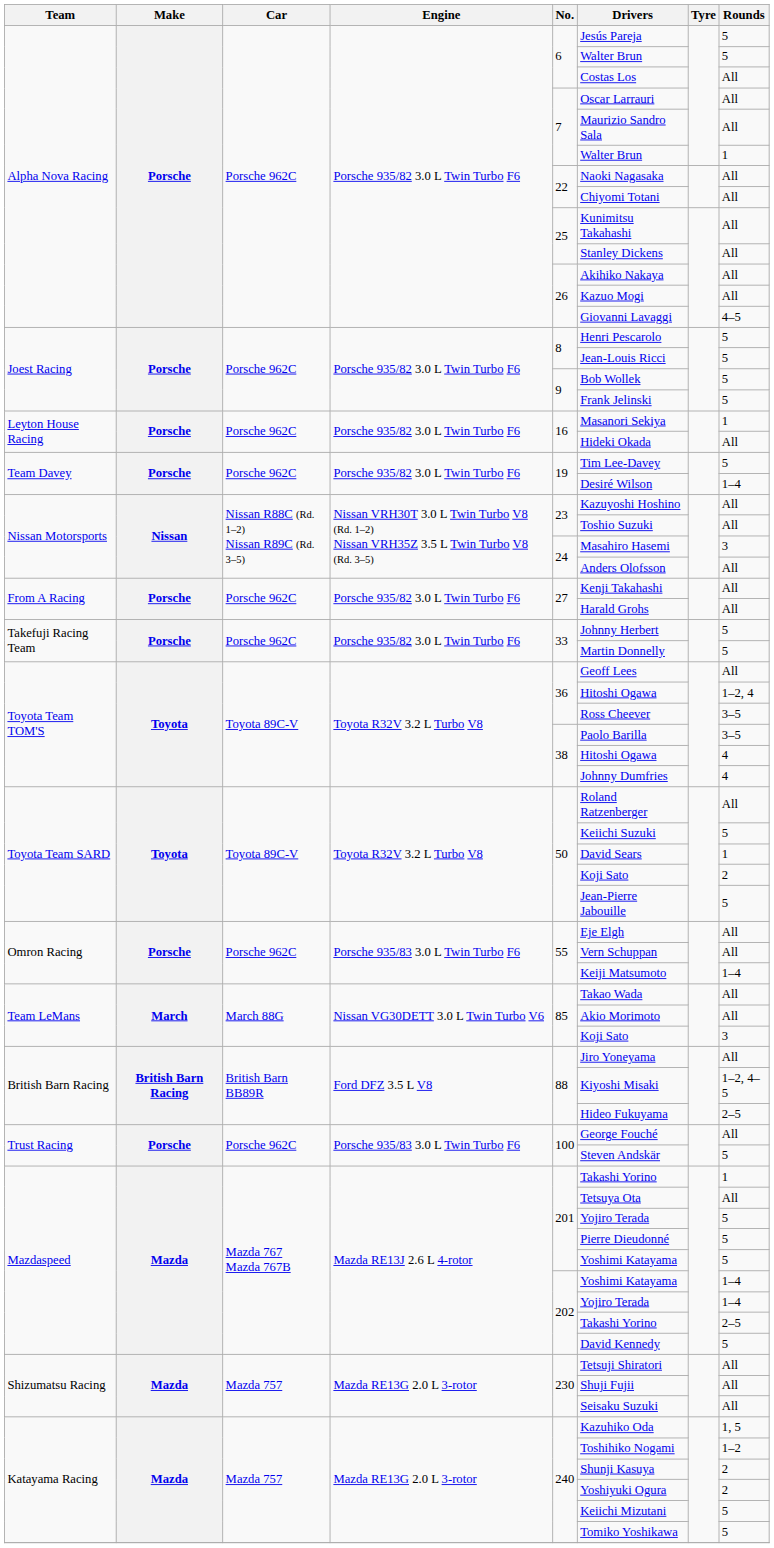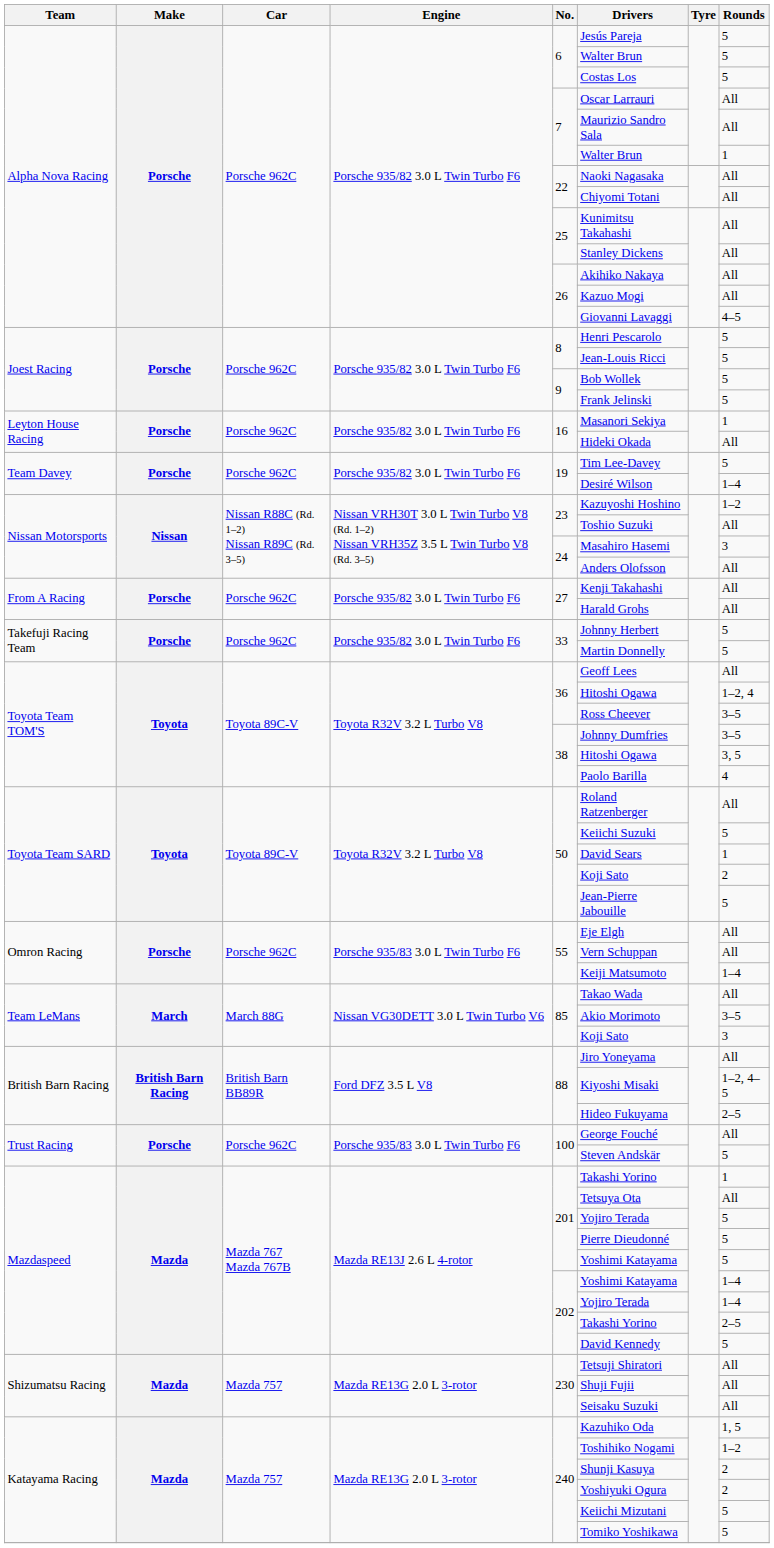 <table class="wikitable" style="font-size: 90%;">
 <tr>
 <th>Team</th>
 <th>Make</th>
 <th>Car</th>
 <th>Engine</th>
 <th>No.</th>
 <th>Drivers</th>
 <th>Tyre</th>
 <th>Rounds</th>
 </tr>
 <tr>
 <td rowspan=13><a href='#'>Alpha Nova Racing</a></td>
 <th rowspan=13><a href='#'>Porsche</a></th>
 <td rowspan=13><a href='#'>Porsche 962C</a></td>
 <td rowspan=13><a href='#'>Porsche 935/82</a> 3.0 L <a href='#'>Twin Turbo</a> <a href='#'>F6</a></td>
 <td rowspan=3>6</td>
 <td> <a href='#'>Jesús Pareja</a></td>
 <td align=center rowspan=6></td>
 <td>5</td>
 </tr>
 <tr>
 <td> <a href='#'>Walter Brun</a></td>
 <td>5</td>
 </tr>
 <tr>
 <td> <a href='#'>Costas Los</a></td>
-<td>All</td>
+<td>5</td>
 </tr>
 <tr>
 <td rowspan=3>7</td>
 <td> <a href='#'>Oscar Larrauri</a></td>
 <td>All</td>
 </tr>
 <tr>
 <td> <a href='#'>Maurizio Sandro Sala</a></td>
 <td>All</td>
 </tr>
 <tr>
 <td> <a href='#'>Walter Brun</a></td>
 <td>1</td>
 </tr>
 <tr>
 <td rowspan=2>22</td>
 <td> <a href='#'>Naoki Nagasaka</a></td>
 <td align=center rowspan=2></td>
 <td>All</td>
 </tr>
 <tr>
 <td> <a href='#'>Chiyomi Totani</a></td>
 <td>All</td>
 </tr>
 <tr>
 <td rowspan=2>25</td>
 <td> <a href='#'>Kunimitsu Takahashi</a></td>
 <td align=center rowspan=5></td>
 <td>All</td>
 </tr>
 <tr>
 <td> <a href='#'>Stanley Dickens</a></td>
 <td>All</td>
 </tr>
 <tr>
 <td rowspan=3>26</td>
 <td> <a href='#'>Akihiko Nakaya</a></td>
 <td>All</td>
 </tr>
 <tr>
 <td> <a href='#'>Kazuo Mogi</a></td>
 <td>All</td>
 </tr>
 <tr>
 <td> <a href='#'>Giovanni Lavaggi</a></td>
 <td>4–5</td>
 </tr>
 <tr>
 <td rowspan=4><a href='#'>Joest Racing</a></td>
 <th rowspan=4><a href='#'>Porsche</a></th>
 <td rowspan=4><a href='#'>Porsche 962C</a></td>
 <td rowspan=4><a href='#'>Porsche 935/82</a> 3.0 L <a href='#'>Twin Turbo</a> <a href='#'>F6</a></td>
 <td rowspan=2>8</td>
 <td> <a href='#'>Henri Pescarolo</a></td>
 <td align=center rowspan=4></td>
 <td>5</td>
 </tr>
 <tr>
 <td> <a href='#'>Jean-Louis Ricci</a></td>
 <td>5</td>
 </tr>
 <tr>
 <td rowspan=2>9</td>
 <td> <a href='#'>Bob Wollek</a></td>
 <td>5</td>
 </tr>
 <tr>
 <td> <a href='#'>Frank Jelinski</a></td>
 <td>5</td>
 </tr>
 <tr>
 <td rowspan=2><a href='#'>Leyton House Racing</a></td>
 <th rowspan=2><a href='#'>Porsche</a></th>
 <td rowspan=2><a href='#'>Porsche 962C</a></td>
 <td rowspan=2><a href='#'>Porsche 935/82</a> 3.0 L <a href='#'>Twin Turbo</a> <a href='#'>F6</a></td>
 <td rowspan=2>16</td>
 <td> <a href='#'>Masanori Sekiya</a></td>
 <td align=center rowspan=2></td>
 <td>1</td>
 </tr>
 <tr>
 <td> <a href='#'>Hideki Okada</a></td>
 <td>All</td>
 </tr>
 <tr>
 <td rowspan=2><a href='#'>Team Davey</a></td>
 <th rowspan=2><a href='#'>Porsche</a></th>
 <td rowspan=2><a href='#'>Porsche 962C</a></td>
 <td rowspan=2><a href='#'>Porsche 935/82</a> 3.0 L <a href='#'>Twin Turbo</a> <a href='#'>F6</a></td>
 <td rowspan=2>19</td>
 <td> <a href='#'>Tim Lee-Davey</a></td>
 <td align=center rowspan=2></td>
 <td>5</td>
 </tr>
 <tr>
 <td> <a href='#'>Desiré Wilson</a></td>
 <td>1–4</td>
 </tr>
 <tr>
 <td rowspan=4><a href='#'>Nissan Motorsports</a></td>
 <th rowspan=4><a href='#'>Nissan</a></th>
 <td rowspan=4><a href='#'>Nissan R88C</a> <small>(Rd. 1–2)</small><br><a href='#'>Nissan R89C</a> <small>(Rd. 3–5)</small></td>
 <td rowspan=4><a href='#'>Nissan VRH30T</a> 3.0 L <a href='#'>Twin Turbo</a> <a href='#'>V8</a> <small>(Rd. 1–2)</small><br><a href='#'>Nissan VRH35Z</a> 3.5 L <a href='#'>Twin Turbo</a> <a href='#'>V8</a> <small>(Rd. 3–5)</small></td>
 <td rowspan=2>23</td>
 <td> <a href='#'>Kazuyoshi Hoshino</a></td>
 <td align=center rowspan=4><br></td>
-<td>All</td>
+<td>1–2</td>
 </tr>
 <tr>
 <td> <a href='#'>Toshio Suzuki</a></td>
 <td>All</td>
 </tr>
 <tr>
 <td rowspan=2>24</td>
 <td> <a href='#'>Masahiro Hasemi</a></td>
 <td>3</td>
 </tr>
 <tr>
 <td> <a href='#'>Anders Olofsson</a></td>
 <td>All</td>
 </tr>
 <tr>
 <td rowspan=2><a href='#'>From A Racing</a></td>
 <th rowspan=2><a href='#'>Porsche</a></th>
 <td rowspan=2><a href='#'>Porsche 962C</a></td>
 <td rowspan=2><a href='#'>Porsche 935/82</a> 3.0 L <a href='#'>Twin Turbo</a> <a href='#'>F6</a></td>
 <td rowspan=2>27</td>
 <td> <a href='#'>Kenji Takahashi</a></td>
 <td align=center rowspan=2><br></td>
 <td>All</td>
 </tr>
 <tr>
 <td> <a href='#'>Harald Grohs</a></td>
 <td>All</td>
 </tr>
 <tr>
 <td rowspan=2>Takefuji Racing Team</td>
 <th rowspan=2><a href='#'>Porsche</a></th>
 <td rowspan=2><a href='#'>Porsche 962C</a></td>
 <td rowspan=2><a href='#'>Porsche 935/82</a> 3.0 L <a href='#'>Twin Turbo</a> <a href='#'>F6</a></td>
 <td rowspan=2>33</td>
 <td> <a href='#'>Johnny Herbert</a></td>
 <td align=center rowspan=2></td>
 <td>5</td>
 </tr>
 <tr>
 <td> <a href='#'>Martin Donnelly</a></td>
 <td>5</td>
 </tr>
 <tr>
 <td rowspan=6><a href='#'>Toyota Team TOM'S</a></td>
 <th rowspan=6><a href='#'>Toyota</a></th>
 <td rowspan=6><a href='#'>Toyota 89C-V</a></td>
 <td rowspan=6><a href='#'>Toyota R32V</a> 3.2 L <a href='#'>Turbo</a> <a href='#'>V8</a></td>
 <td rowspan=3>36</td>
 <td> <a href='#'>Geoff Lees</a></td>
 <td align=center rowspan=6></td>
 <td>All</td>
 </tr>
 <tr>
 <td> <a href='#'>Hitoshi Ogawa</a></td>
 <td>1–2, 4</td>
 </tr>
 <tr>
 <td> <a href='#'>Ross Cheever</a></td>
 <td>3–5</td>
 </tr>
 <tr>
 <td rowspan=3>38</td>
-<td> <a href='#'>Paolo Barilla</a></td>
+<td> <a href='#'>Johnny Dumfries</a></td>
 <td>3–5</td>
 </tr>
 <tr>
 <td> <a href='#'>Hitoshi Ogawa</a></td>
-<td>4</td>
+<td>3, 5</td>
 </tr>
 <tr>
-<td> <a href='#'>Johnny Dumfries</a></td>
+<td> <a href='#'>Paolo Barilla</a></td>
 <td>4</td>
 </tr>
 <tr>
 <td rowspan=5><a href='#'>Toyota Team SARD</a></td>
 <th rowspan=5><a href='#'>Toyota</a></th>
 <td rowspan=5><a href='#'>Toyota 89C-V</a></td>
 <td rowspan=5><a href='#'>Toyota R32V</a> 3.2 L <a href='#'>Turbo</a> <a href='#'>V8</a></td>
 <td rowspan=5>50</td>
 <td> <a href='#'>Roland Ratzenberger</a></td>
 <td align=center rowspan=5></td>
 <td>All</td>
 </tr>
 <tr>
 <td> <a href='#'>Keiichi Suzuki</a></td>
 <td>5</td>
 </tr>
 <tr>
 <td> <a href='#'>David Sears</a></td>
 <td>1</td>
 </tr>
 <tr>
 <td> <a href='#'>Koji Sato</a></td>
 <td>2</td>
 </tr>
 <tr>
 <td> <a href='#'>Jean-Pierre Jabouille</a></td>
 <td>5</td>
 </tr>
 <tr>
 <td rowspan=3>Omron Racing</td>
 <th rowspan=3><a href='#'>Porsche</a></th>
 <td rowspan=3><a href='#'>Porsche 962C</a></td>
 <td rowspan=3><a href='#'>Porsche 935/83</a> 3.0 L <a href='#'>Twin Turbo</a> <a href='#'>F6</a></td>
 <td rowspan=3>55</td>
 <td> <a href='#'>Eje Elgh</a></td>
 <td align=center rowspan=3></td>
 <td>All</td>
 </tr>
 <tr>
 <td> <a href='#'>Vern Schuppan</a></td>
 <td>All</td>
 </tr>
 <tr>
 <td> <a href='#'>Keiji Matsumoto</a></td>
 <td>1–4</td>
 </tr>
 <tr>
 <td rowspan=3><a href='#'>Team LeMans</a></td>
 <th rowspan=3><a href='#'>March</a></th>
 <td rowspan=3><a href='#'>March 88G</a></td>
 <td rowspan=3><a href='#'>Nissan VG30DETT</a> 3.0 L <a href='#'>Twin Turbo</a> <a href='#'>V6</a></td>
 <td rowspan=3>85</td>
 <td> <a href='#'>Takao Wada</a></td>
 <td align=center rowspan=3></td>
 <td>All</td>
 </tr>
 <tr>
 <td> <a href='#'>Akio Morimoto</a></td>
-<td>All</td>
+<td>3–5</td>
 </tr>
 <tr>
 <td> <a href='#'>Koji Sato</a></td>
 <td>3</td>
 </tr>
 <tr>
 <td rowspan=3>British Barn Racing</td>
 <th rowspan=3><a href='#'>British Barn Racing</a></th>
 <td rowspan=3><a href='#'>British Barn BB89R</a></td>
 <td rowspan=3><a href='#'>Ford DFZ</a> 3.5 L <a href='#'>V8</a></td>
 <td rowspan=3>88</td>
 <td> <a href='#'>Jiro Yoneyama</a></td>
 <td align=center rowspan=3></td>
 <td>All</td>
 </tr>
 <tr>
 <td> <a href='#'>Kiyoshi Misaki</a></td>
 <td>1–2, 4–5</td>
 </tr>
 <tr>
 <td> <a href='#'>Hideo Fukuyama</a></td>
 <td>2–5</td>
 </tr>
 <tr>
 <td rowspan=2><a href='#'>Trust Racing</a></td>
 <th rowspan=2><a href='#'>Porsche</a></th>
 <td rowspan=2><a href='#'>Porsche 962C</a></td>
 <td rowspan=2><a href='#'>Porsche 935/83</a> 3.0 L <a href='#'>Twin Turbo</a> <a href='#'>F6</a></td>
 <td rowspan=2>100</td>
 <td> <a href='#'>George Fouché</a></td>
 <td align=center rowspan=2></td>
 <td>All</td>
 </tr>
 <tr>
 <td> <a href='#'>Steven Andskär</a></td>
 <td>5</td>
 </tr>
 <tr>
 <td rowspan=9><a href='#'>Mazdaspeed</a></td>
 <th rowspan=9><a href='#'>Mazda</a></th>
 <td rowspan=9><a href='#'>Mazda 767</a><br><a href='#'>Mazda 767B</a></td>
 <td rowspan=9><a href='#'>Mazda RE13J</a> 2.6 L <a href='#'>4-rotor</a></td>
 <td rowspan=5>201</td>
 <td> <a href='#'>Takashi Yorino</a></td>
 <td align=center rowspan=9></td>
 <td>1</td>
 </tr>
 <tr>
 <td> <a href='#'>Tetsuya Ota</a></td>
 <td>All</td>
 </tr>
 <tr>
 <td> <a href='#'>Yojiro Terada</a></td>
 <td>5</td>
 </tr>
 <tr>
 <td> <a href='#'>Pierre Dieudonné</a></td>
 <td>5</td>
 </tr>
 <tr>
 <td> <a href='#'>Yoshimi Katayama</a></td>
 <td>5</td>
 </tr>
 <tr>
 <td rowspan=4>202</td>
 <td> <a href='#'>Yoshimi Katayama</a></td>
 <td>1–4</td>
 </tr>
 <tr>
 <td> <a href='#'>Yojiro Terada</a></td>
 <td>1–4</td>
 </tr>
 <tr>
 <td> <a href='#'>Takashi Yorino</a></td>
 <td>2–5</td>
 </tr>
 <tr>
 <td> <a href='#'>David Kennedy</a></td>
 <td>5</td>
 </tr>
 <tr>
 <td rowspan=3>Shizumatsu Racing</td>
 <th rowspan=3><a href='#'>Mazda</a></th>
 <td rowspan=3><a href='#'>Mazda 757</a></td>
 <td rowspan=3><a href='#'>Mazda RE13G</a> 2.0 L <a href='#'>3-rotor</a></td>
 <td rowspan=3>230</td>
 <td> <a href='#'>Tetsuji Shiratori</a></td>
 <td align=center rowspan=3></td>
 <td>All</td>
 </tr>
 <tr>
 <td> <a href='#'>Shuji Fujii</a></td>
 <td>All</td>
 </tr>
 <tr>
 <td> <a href='#'>Seisaku Suzuki</a></td>
 <td>All</td>
 </tr>
 <tr>
 <td rowspan=6>Katayama Racing</td>
 <th rowspan=6><a href='#'>Mazda</a></th>
 <td rowspan=6><a href='#'>Mazda 757</a></td>
 <td rowspan=6><a href='#'>Mazda RE13G</a> 2.0 L <a href='#'>3-rotor</a></td>
 <td rowspan=6>240</td>
 <td> <a href='#'>Kazuhiko Oda</a></td>
 <td align=center rowspan=6></td>
 <td>1, 5</td>
 </tr>
 <tr>
 <td> <a href='#'>Toshihiko Nogami</a></td>
 <td>1–2</td>
 </tr>
 <tr>
 <td> <a href='#'>Shunji Kasuya</a></td>
 <td>2</td>
 </tr>
 <tr>
 <td> <a href='#'>Yoshiyuki Ogura</a></td>
 <td>2</td>
 </tr>
 <tr>
 <td> <a href='#'>Keiichi Mizutani</a></td>
 <td>5</td>
 </tr>
 <tr>
 <td> <a href='#'>Tomiko Yoshikawa</a></td>
 <td>5</td>
 </tr>
 <tr>
 </tr>
 </table>
